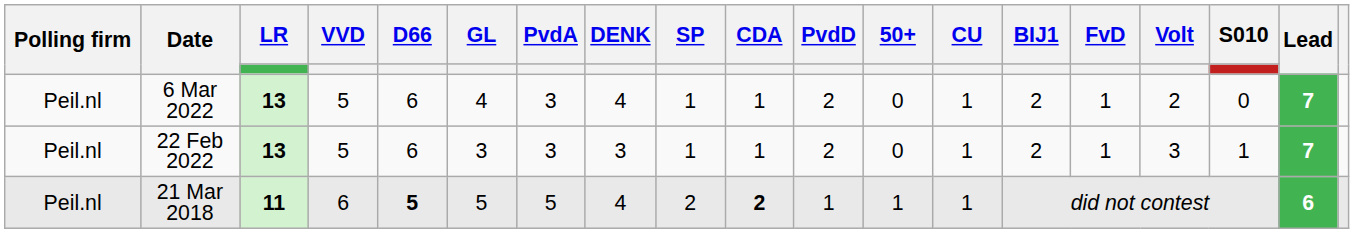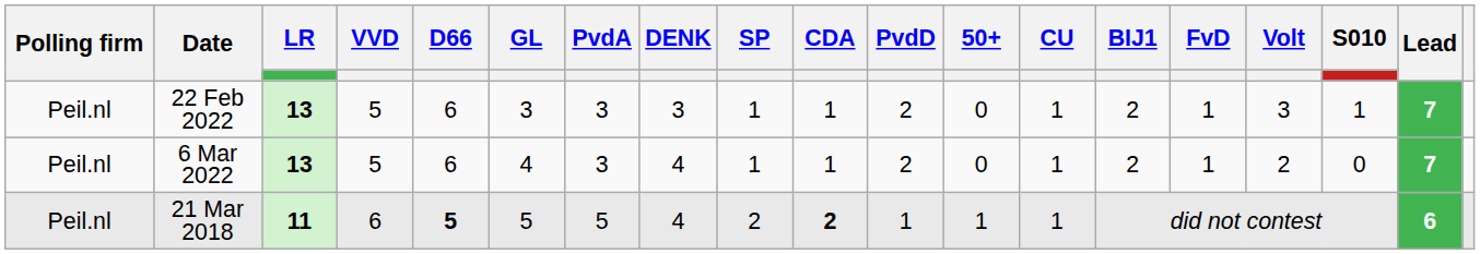 <table class="wikitable sortable" style="text-align:center;font-size:90%;line-height:14px;">
 <tr style="height:40px;">
 <th style="width:85px;" rowspan="2">Polling firm</th>
 <th style="width:60px;" rowspan="2">Date</th>
 <th class="unsortable" style="width:40px;"><a href='#'>LR</a></th>
 <th class="unsortable" style="width:40px;"><a href='#'>VVD</a></th>
 <th class="unsortable" style="width:40px;"><a href='#'>D66</a></th>
 <th class="unsortable" style="width:40px;"><a href='#'>GL</a></th>
 <th class="unsortable" style="width:40px;"><a href='#'>PvdA</a></th>
 <th class="unsortable" style="width:40px;"><a href='#'>DENK</a></th>
 <th class="unsortable" style="width:40px;"><a href='#'>SP</a></th>
 <th class="unsortable" style="width:40px;"><a href='#'>CDA</a></th>
 <th class="unsortable" style="width:40px;"><a href='#'>PvdD</a></th>
 <th class="unsortable" style="width:40px;"><a href='#'>50+</a></th>
 <th class="unsortable" style="width:40px;"><a href='#'>CU</a></th>
 <th class="unsortable" style="width:40px;"><a href='#'>BIJ1</a></th>
 <th class="unsortable" style="width:40px;"><a href='#'>FvD</a></th>
 <th class="unsortable" style="width:40px;"><a href='#'>Volt</a></th>
 <th class="unsortable" style="width:40px;">S010 </th>
 <th style="width:30px;" rowspan="2">Lead</th>
 <th class="unsortable" rowspan="2"></th>
 </tr>
 <tr>
 <th style="background:#41b351;"></th>
 <th style="background:"></th>
 <th style="background:"></th>
 <th style="background:"></th>
 <th style="background:"></th>
 <th style="background:"></th>
 <th style="background:"></th>
 <th style="background:"></th>
 <th style="background:"></th>
 <th style="background:"></th>
 <th style="background:"></th>
 <th style="background:"></th>
 <th style="background:"></th>
 <th style="background:"></th>
 <th style="background:#c31f1f;"></th>
 </tr>
 <tr>
 <td>Peil.nl</td>
+<td data-sort-value="2022-02-22">22 Feb 2022</td>
+<td style="background:#D3F2D0"><strong>13</strong></td>
+<td>5</td>
+<td>6</td>
+<td>3</td>
+<td>3</td>
+<td>3</td>
+<td>1</td>
+<td>1</td>
+<td>2</td>
+<td>0</td>
+<td>1</td>
+<td>2</td>
+<td>1</td>
+<td>3</td>
+<td>1</td>
+<td style="background:#41b351;color:#FFFFFF"><strong>7</strong></td>
+<td></td>
+</tr>
+<tr>
+<td>Peil.nl</td>
 <td data-sort-value="2022-03-06">6 Mar 2022</td>
 <td style="background:#D3F2D0"><strong>13</strong></td>
 <td>5</td>
 <td>6</td>
 <td>4</td>
 <td>3</td>
 <td>4</td>
 <td>1</td>
 <td>1</td>
 <td>2</td>
 <td>0</td>
 <td>1</td>
 <td>2</td>
 <td>1</td>
 <td>2</td>
 <td>0</td>
-<td style="background:#41b351;color:#FFFFFF"><strong>7</strong></td>
-<td></td>
-</tr>
-<tr>
-<td>Peil.nl</td>
-<td data-sort-value="2022-02-22">22 Feb 2022</td>
-<td style="background:#D3F2D0"><strong>13</strong></td>
-<td>5</td>
-<td>6</td>
-<td>3</td>
-<td>3</td>
-<td>3</td>
-<td>1</td>
-<td>1</td>
-<td>2</td>
-<td>0</td>
-<td>1</td>
-<td>2</td>
-<td>1</td>
-<td>3</td>
-<td>1</td>
 <td style="background:#41b351;color:#FFFFFF"><strong>7</strong></td>
 <td></td>
 </tr>
 <tr style="background-color:#E9E9E9">
 <td>Peil.nl</td>
 <td data-sort-value="2018-03-21">21 Mar 2018</td>
 <td style="background:#D3F2D0"><strong>11</strong></td>
 <td>6</td>
 <td><strong>5</strong></td>
 <td>5</td>
 <td>5</td>
 <td>4</td>
 <td>2</td>
 <td><strong>2</strong></td>
 <td>1</td>
 <td>1</td>
 <td>1</td>
 <td colspan=4><em>did not contest</em></td>
 <td style="background:#41b351;color:#FFFFFF"><strong>6</strong></td>
 <td></td>
 </tr>
 </table>
